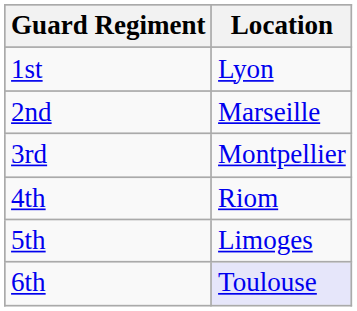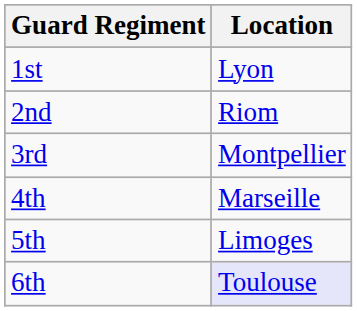 <table class="wikitable">
 <tr>
 <th>Guard Regiment</th>
 <th>Location</th>
 </tr>
 <tr>
 <td><a href='#'>1st</a></td>
 <td><a href='#'>Lyon</a></td>
 </tr>
 <tr>
 <td><a href='#'>2nd</a></td>
-<td><a href='#'>Marseille</a></td>
+<td><a href='#'>Riom</a></td>
 </tr>
 <tr>
 <td><a href='#'>3rd</a></td>
 <td><a href='#'>Montpellier</a></td>
 </tr>
 <tr>
 <td><a href='#'>4th</a></td>
-<td><a href='#'>Riom</a></td>
+<td><a href='#'>Marseille</a></td>
 </tr>
 <tr>
 <td><a href='#'>5th</a></td>
 <td><a href='#'>Limoges</a></td>
 </tr>
 <tr>
 <td><a href='#'>6th</a></td>
 <td style="background: lavender;"><a href='#'>Toulouse</a></td>
 </tr>
 </table>
